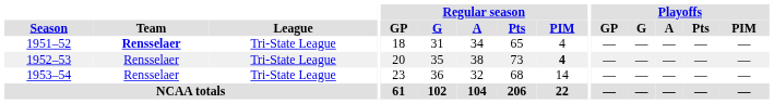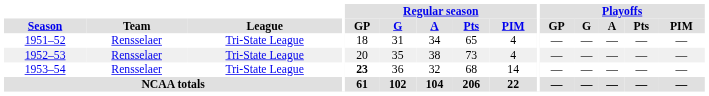 <table border="0" cellpadding="1" cellspacing="0" style="text-align:center; width:60em">
 <tr bgcolor="#e0e0e0">
 <th colspan="3" bgcolor="#ffffff"></th>
 <th rowspan="99" bgcolor="#ffffff"></th>
 <th colspan="5"><a href='#'>Regular season</a></th>
 <th rowspan="99" bgcolor="#ffffff"></th>
 <th colspan="5"><a href='#'>Playoffs</a></th>
 </tr>
 <tr bgcolor="#e0e0e0">
 <th><a href='#'>Season</a></th>
 <th>Team</th>
 <th>League</th>
 <th>GP</th>
 <th><a href='#'>G</a></th>
 <th><a href='#'>A</a></th>
 <th><a href='#'>Pts</a></th>
 <th><a href='#'>PIM</a></th>
 <th>GP</th>
 <th>G</th>
 <th>A</th>
 <th>Pts</th>
 <th>PIM</th>
 </tr>
 <tr>
 <td><a href='#'>1951–52</a></td>
-<td><strong><a href='#'>Rensselaer</a></strong></td>
+<td><a href='#'>Rensselaer</a></td>
 <td><a href='#'>Tri-State League</a></td>
 <td>18</td>
 <td>31</td>
 <td>34</td>
 <td>65</td>
 <td>4</td>
 <td>—</td>
 <td>—</td>
 <td>—</td>
 <td>—</td>
 <td>—</td>
 </tr>
 <tr bgcolor="f0f0f0">
 <td><a href='#'>1952–53</a></td>
 <td><a href='#'>Rensselaer</a></td>
 <td><a href='#'>Tri-State League</a></td>
 <td>20</td>
 <td>35</td>
 <td>38</td>
 <td>73</td>
-<td><strong>4</strong></td>
+<td>4</td>
 <td>—</td>
 <td>—</td>
 <td>—</td>
 <td>—</td>
 <td>—</td>
 </tr>
 <tr>
 <td><a href='#'>1953–54</a></td>
 <td><a href='#'>Rensselaer</a></td>
 <td><a href='#'>Tri-State League</a></td>
-<td>23</td>
+<td><strong>23</strong></td>
 <td>36</td>
 <td>32</td>
 <td>68</td>
 <td>14</td>
 <td>—</td>
 <td>—</td>
 <td>—</td>
 <td>—</td>
 <td>—</td>
 </tr>
 <tr bgcolor="#e0e0e0">
 <th colspan="3">NCAA totals</th>
 <th>61</th>
 <th>102</th>
 <th>104</th>
 <th>206</th>
 <th>22</th>
 <th>—</th>
 <th>—</th>
 <th>—</th>
 <th>—</th>
 <th>—</th>
 </tr>
 </table>
